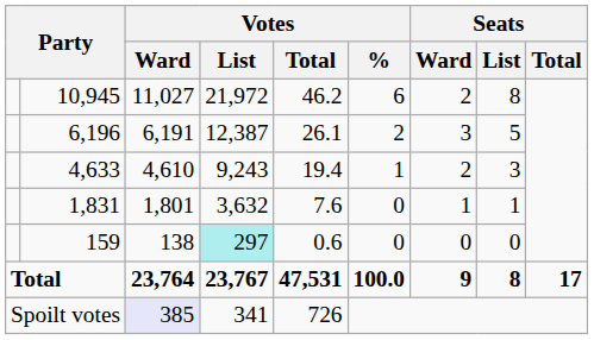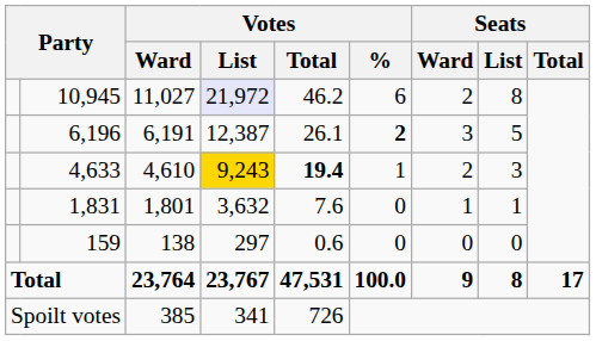 <table class=wikitable style="text-align:right">
 <tr>
 <th rowspan="2" colspan="2">Party</th>
 <th colspan="4" align="center">Votes</th>
 <th colspan="3" align="center">Seats</th>
 </tr>
 <tr>
 <th>Ward</th>
 <th>List</th>
 <th>Total</th>
 <th>%</th>
 <th>Ward</th>
 <th>List</th>
 <th>Total</th>
 </tr>
 <tr>
 <td></td>
 <td>10,945</td>
 <td>11,027</td>
-<td>21,972</td>
+<td style="background: lavender;">21,972</td>
 <td>46.2</td>
 <td>6</td>
 <td>2</td>
 <td>8</td>
 </tr>
 <tr>
 <td></td>
 <td>6,196</td>
 <td>6,191</td>
 <td>12,387</td>
 <td>26.1</td>
-<td>2</td>
+<td><strong>2</strong></td>
 <td>3</td>
 <td>5</td>
 </tr>
 <tr>
 <td></td>
 <td>4,633</td>
 <td>4,610</td>
-<td>9,243</td>
-<td>19.4</td>
+<td style="background: gold;">9,243</td>
+<td><strong>19.4</strong></td>
 <td>1</td>
 <td>2</td>
 <td>3</td>
 </tr>
 <tr>
 <td></td>
 <td>1,831</td>
 <td>1,801</td>
 <td>3,632</td>
 <td>7.6</td>
 <td>0</td>
 <td>1</td>
 <td>1</td>
 </tr>
 <tr>
 <td></td>
 <td>159</td>
 <td>138</td>
-<td style="background: paleturquoise;">297</td>
+<td>297</td>
 <td>0.6</td>
 <td>0</td>
 <td>0</td>
 <td>0</td>
 </tr>
 <tr>
 <td colspan="2" style="text-align:left"><strong>Total</strong></td>
 <td><strong>23,764</strong></td>
 <td><strong>23,767</strong></td>
 <td><strong>47,531</strong></td>
 <td><strong>100.0</strong></td>
 <td><strong>9</strong></td>
 <td><strong>8</strong></td>
 <td><strong>17</strong></td>
 </tr>
 <tr>
 <td colspan="2" style="text-align:left">Spoilt votes</td>
-<td style="background: lavender;">385</td>
+<td>385</td>
 <td>341</td>
 <td>726</td>
 </tr>
 </table>
